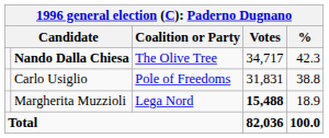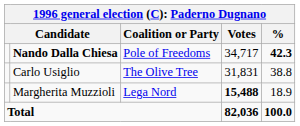 <table class=wikitable style=text-align:right>
 <tr>
 <th colspan=5><a href='#'>1996 general election</a> (<a href='#'>C</a>): <a href='#'>Paderno Dugnano</a></th>
 </tr>
 <tr>
 <th colspan=2>Candidate</th>
 <th>Coalition or Party</th>
 <th>Votes</th>
 <th>%</th>
 </tr>
 <tr>
 <td></td>
 <td align=left><strong>Nando Dalla Chiesa</strong></td>
-<td align=left><a href='#'>The Olive Tree</a></td>
+<td align=left><a href='#'>Pole of Freedoms</a></td>
 <td>34,717</td>
-<td>42.3</td>
+<td><strong>42.3</strong></td>
 </tr>
 <tr>
 <td></td>
 <td align=left>Carlo Usiglio</td>
-<td align=left><a href='#'>Pole of Freedoms</a></td>
+<td align=left><a href='#'>The Olive Tree</a></td>
 <td>31,831</td>
 <td>38.8</td>
 </tr>
 <tr>
 <td></td>
 <td align=left>Margherita Muzzioli</td>
 <td align=left><a href='#'>Lega Nord</a></td>
 <td><strong>15,488</strong></td>
 <td>18.9</td>
 </tr>
 <tr>
 <td align=left colspan=3><strong>Total</strong></td>
 <td><strong>82,036</strong></td>
 <td><strong>100.0</strong></td>
 </tr>
 </table>
